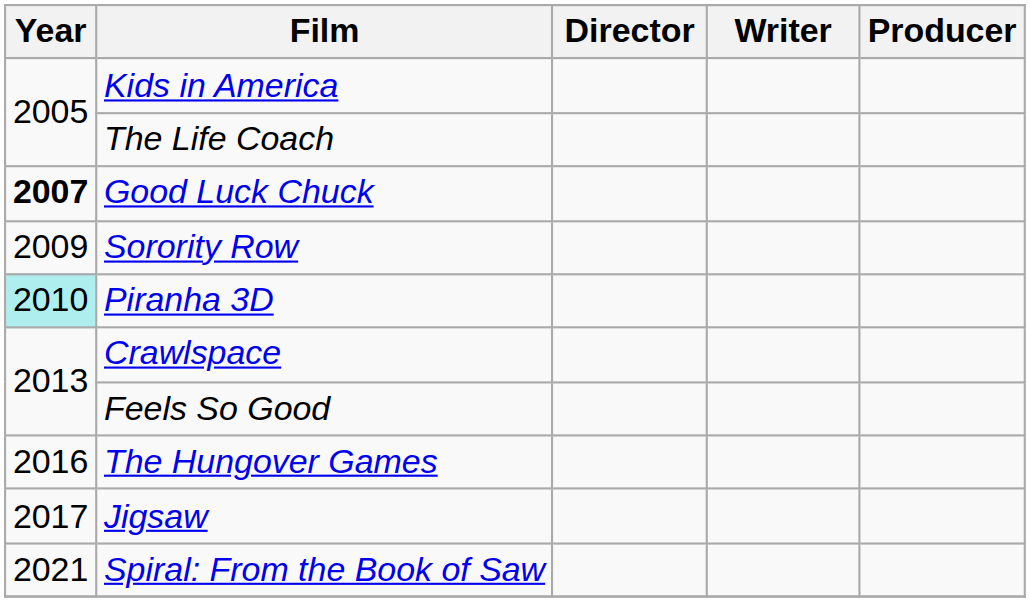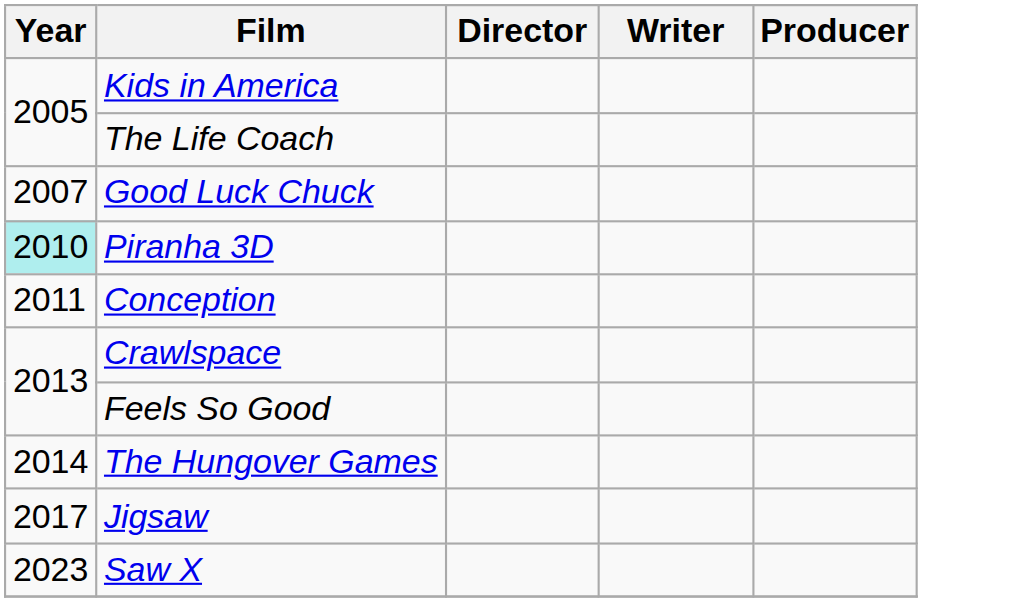 <table class="wikitable">
 <tr>
 <th rowspan=2 style="width 33:px;">Year</th>
 <th rowspan=2>Film</th>
 </tr>
 <tr>
 <th width=65>Director</th>
 <th width=65>Writer</th>
 <th>Producer</th>
 </tr>
 <tr>
 <td rowspan=2>2005</td>
 <td><em><a href='#'>Kids in America</a></em></td>
 <td></td>
 <td></td>
 <td></td>
 </tr>
 <tr>
 <td><em>The Life Coach</em></td>
 <td></td>
 <td></td>
 <td></td>
 </tr>
 <tr>
-<td><strong>2007</strong></td>
+<td>2007</td>
 <td><em><a href='#'>Good Luck Chuck</a></em></td>
-<td></td>
-<td></td>
-<td></td>
-</tr>
-<tr>
-<td>2009</td>
-<td><em><a href='#'>Sorority Row</a></em></td>
 <td></td>
 <td></td>
 <td></td>
 </tr>
 <tr>
 <td style="background: paleturquoise;">2010</td>
 <td><em><a href='#'>Piranha 3D</a></em></td>
+<td></td>
+<td></td>
+<td></td>
+</tr>
+<tr>
+<td>2011</td>
+<td><em><a href='#'>Conception</a></em></td>
 <td></td>
 <td></td>
 <td></td>
 </tr>
 <tr>
 <td rowspan=2>2013</td>
 <td><em><a href='#'>Crawlspace</a></em></td>
 <td></td>
 <td></td>
 <td></td>
 </tr>
 <tr>
 <td><em>Feels So Good</em></td>
 <td></td>
 <td></td>
 <td></td>
 </tr>
 <tr>
-<td>2016</td>
+<td>2014</td>
 <td><em><a href='#'>The Hungover Games</a></em></td>
 <td></td>
 <td></td>
 <td></td>
 </tr>
 <tr>
 <td>2017</td>
 <td><em><a href='#'>Jigsaw</a></em></td>
 <td></td>
 <td></td>
 <td></td>
 </tr>
 <tr>
-<td>2021</td>
-<td><em><a href='#'>Spiral: From the Book of Saw</a></em></td>
+<td>2023</td>
+<td><em><a href='#'>Saw X</a></em></td>
 <td></td>
 <td></td>
 <td></td>
 </tr>
 <tr>
 </tr>
 </table>
